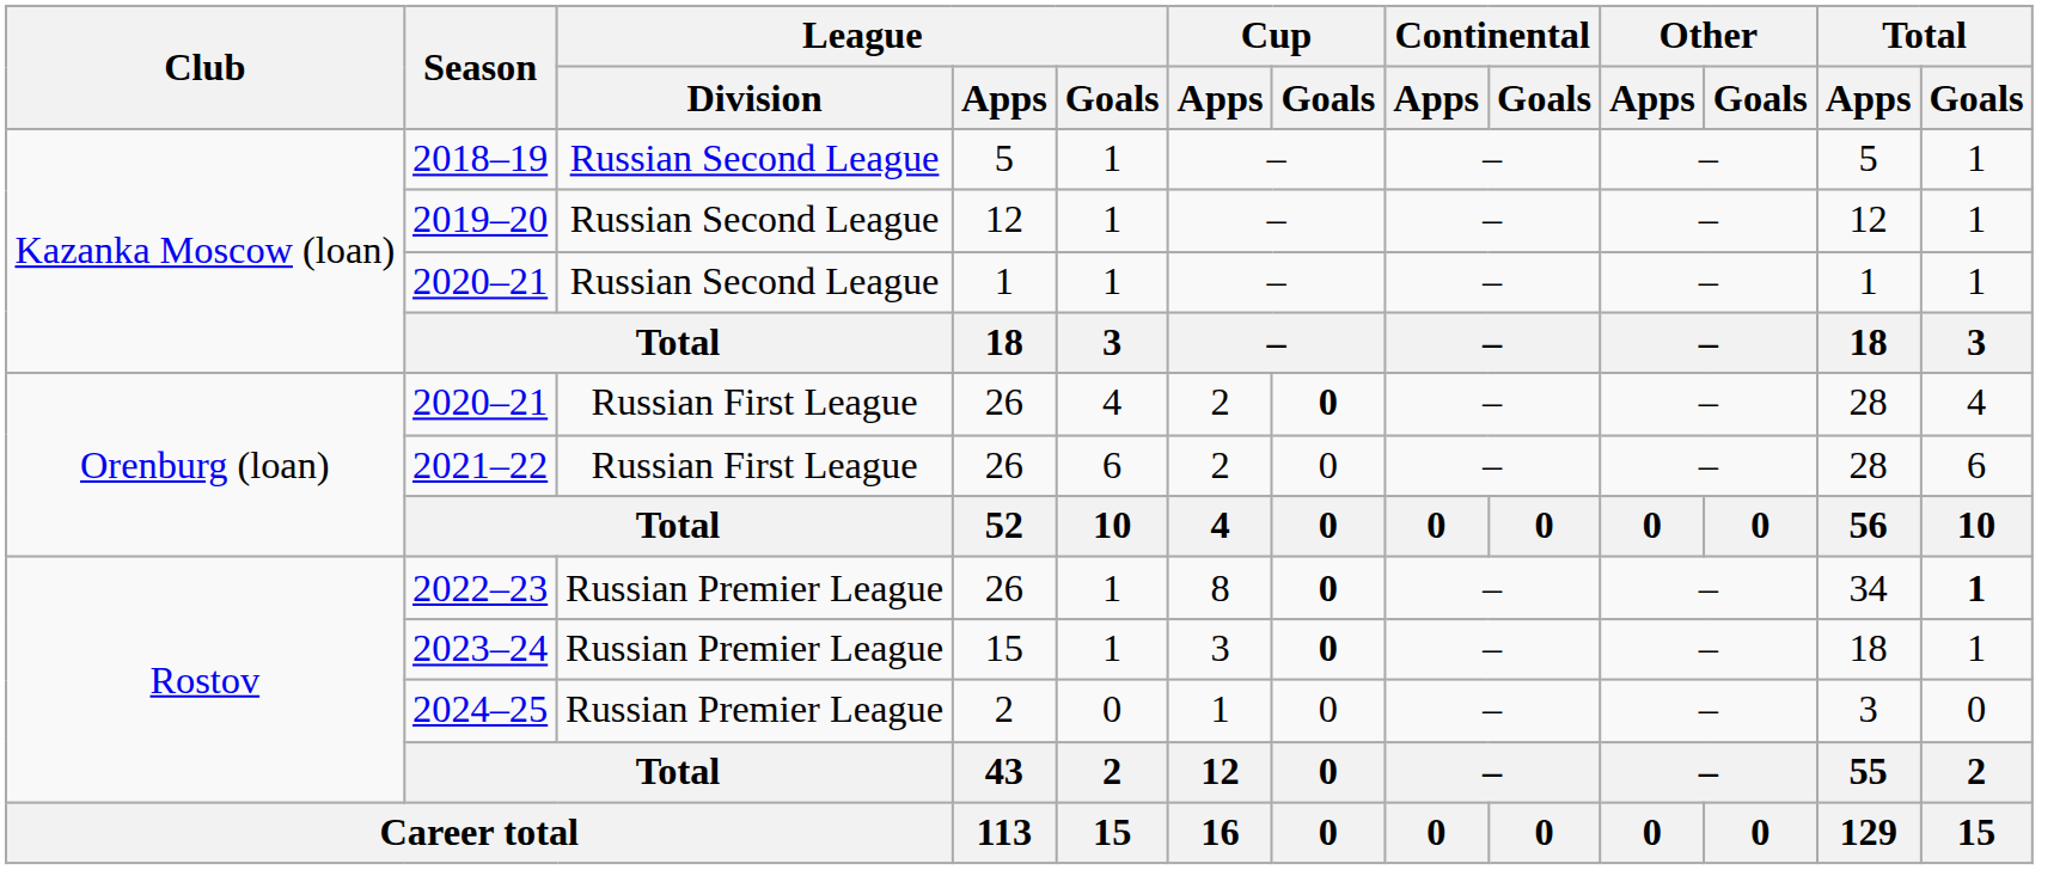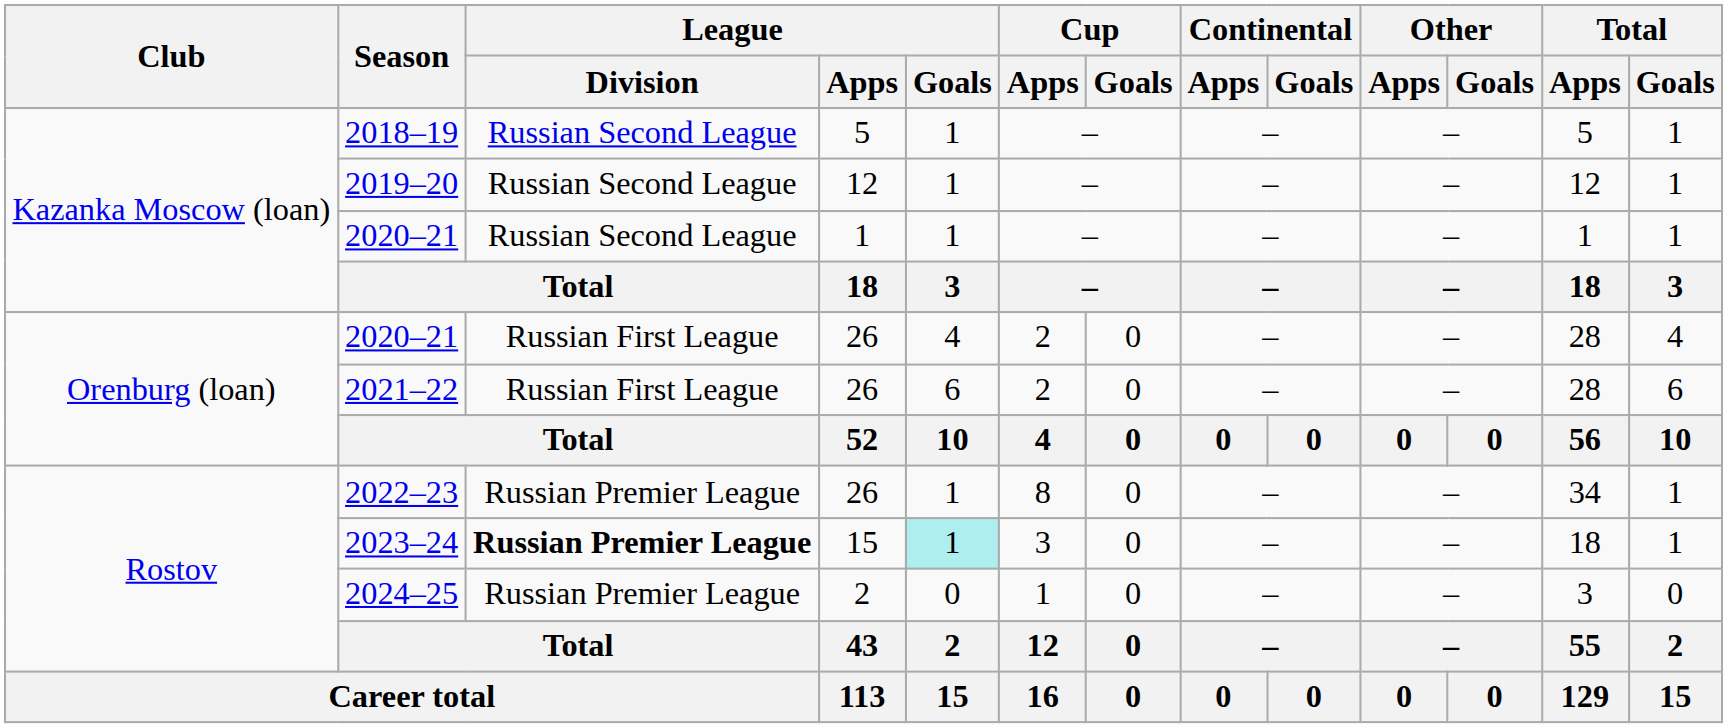 <table class="wikitable" style="text-align: center;">
 <tr>
 <th rowspan=2>Club</th>
 <th rowspan=2>Season</th>
 <th colspan=3>League</th>
 <th colspan=2>Cup</th>
 <th colspan=2>Continental</th>
 <th colspan=2>Other</th>
 <th colspan=2>Total</th>
 </tr>
 <tr>
 <th>Division</th>
 <th>Apps</th>
 <th>Goals</th>
 <th>Apps</th>
 <th>Goals</th>
 <th>Apps</th>
 <th>Goals</th>
 <th>Apps</th>
 <th>Goals</th>
 <th>Apps</th>
 <th>Goals</th>
 </tr>
 <tr>
 <td rowspan="4"><a href='#'>Kazanka Moscow</a> (loan)</td>
 <td><a href='#'>2018–19</a></td>
 <td><a href='#'>Russian Second League</a></td>
 <td>5</td>
 <td>1</td>
 <td colspan=2>–</td>
 <td colspan=2>–</td>
 <td colspan=2>–</td>
 <td>5</td>
 <td>1</td>
 </tr>
 <tr>
 <td><a href='#'>2019–20</a></td>
 <td>Russian Second League</td>
 <td>12</td>
 <td>1</td>
 <td colspan=2>–</td>
 <td colspan=2>–</td>
 <td colspan=2>–</td>
 <td>12</td>
 <td>1</td>
 </tr>
 <tr>
 <td><a href='#'>2020–21</a></td>
 <td>Russian Second League</td>
 <td>1</td>
 <td>1</td>
 <td colspan=2>–</td>
 <td colspan=2>–</td>
 <td colspan=2>–</td>
 <td>1</td>
 <td>1</td>
 </tr>
 <tr>
 <th colspan=2>Total</th>
 <th>18</th>
 <th>3</th>
 <th colspan=2>–</th>
 <th colspan=2>–</th>
 <th colspan=2>–</th>
 <th>18</th>
 <th>3</th>
 </tr>
 <tr>
 <td rowspan="3"><a href='#'>Orenburg</a> (loan)</td>
 <td><a href='#'>2020–21</a></td>
 <td>Russian First League</td>
 <td>26</td>
 <td>4</td>
 <td>2</td>
-<td><strong>0</strong></td>
+<td>0</td>
 <td colspan=2>–</td>
 <td colspan=2>–</td>
 <td>28</td>
 <td>4</td>
 </tr>
 <tr>
 <td><a href='#'>2021–22</a></td>
 <td>Russian First League</td>
 <td>26</td>
 <td>6</td>
 <td>2</td>
 <td>0</td>
 <td colspan=2>–</td>
 <td colspan=2>–</td>
 <td>28</td>
 <td>6</td>
 </tr>
 <tr>
 <th colspan=2>Total</th>
 <th>52</th>
 <th>10</th>
 <th>4</th>
 <th>0</th>
 <th>0</th>
 <th>0</th>
 <th>0</th>
 <th>0</th>
 <th>56</th>
 <th>10</th>
 </tr>
 <tr>
 <td rowspan="4"><a href='#'>Rostov</a></td>
 <td><a href='#'>2022–23</a></td>
 <td>Russian Premier League</td>
 <td>26</td>
 <td>1</td>
 <td>8</td>
-<td><strong>0</strong></td>
+<td>0</td>
 <td colspan=2>–</td>
 <td colspan=2>–</td>
 <td>34</td>
-<td><strong>1</strong></td>
+<td>1</td>
 </tr>
 <tr>
 <td><a href='#'>2023–24</a></td>
-<td>Russian Premier League</td>
+<td><strong>Russian Premier League</strong></td>
 <td>15</td>
-<td>1</td>
+<td style="background: paleturquoise;">1</td>
 <td>3</td>
-<td><strong>0</strong></td>
+<td>0</td>
 <td colspan=2>–</td>
 <td colspan=2>–</td>
 <td>18</td>
 <td>1</td>
 </tr>
 <tr>
 <td><a href='#'>2024–25</a></td>
 <td>Russian Premier League</td>
 <td>2</td>
 <td>0</td>
 <td>1</td>
 <td>0</td>
 <td colspan=2>–</td>
 <td colspan=2>–</td>
 <td>3</td>
 <td>0</td>
 </tr>
 <tr>
 <th colspan=2>Total</th>
 <th>43</th>
 <th>2</th>
 <th>12</th>
 <th>0</th>
 <th colspan=2>–</th>
 <th colspan=2>–</th>
 <th>55</th>
 <th>2</th>
 </tr>
 <tr>
 <th colspan=3>Career total</th>
 <th>113</th>
 <th>15</th>
 <th>16</th>
 <th>0</th>
 <th>0</th>
 <th>0</th>
 <th>0</th>
 <th>0</th>
 <th>129</th>
 <th>15</th>
 </tr>
 </table>
